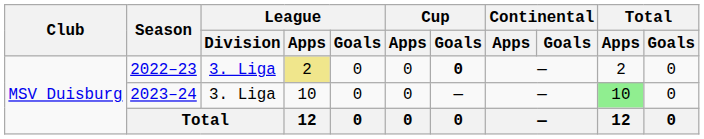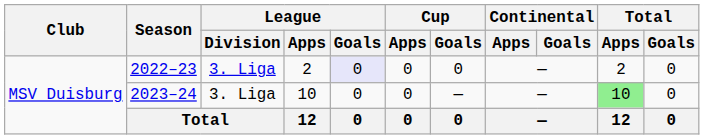 <table class="wikitable" style="text-align:center">
 <tr>
 <th rowspan="2">Club</th>
 <th rowspan="2">Season</th>
 <th colspan="3">League</th>
 <th colspan="2">Cup</th>
 <th colspan="2">Continental</th>
 <th colspan="2">Total</th>
 </tr>
 <tr>
 <th>Division</th>
 <th>Apps</th>
 <th>Goals</th>
 <th>Apps</th>
 <th>Goals</th>
 <th>Apps</th>
 <th>Goals</th>
 <th>Apps</th>
 <th>Goals</th>
 </tr>
 <tr>
 <td rowspan="3"><a href='#'>MSV Duisburg</a></td>
 <td><a href='#'>2022–23</a></td>
 <td><a href='#'>3. Liga</a></td>
-<td style="background: khaki;">2</td>
+<td>2</td>
+<td style="background: lavender;">0</td>
 <td>0</td>
 <td>0</td>
-<td><strong>0</strong></td>
 <td colspan="2">—</td>
 <td>2</td>
 <td>0</td>
 </tr>
 <tr>
 <td><a href='#'>2023–24</a></td>
 <td>3. Liga</td>
 <td>10</td>
 <td>0</td>
 <td>0</td>
 <td 0>—</td>
 <td colspan="2">—</td>
 <td style="background: lightgreen;">10</td>
 <td>0</td>
 </tr>
 <tr>
 <th colspan="2">Total</th>
 <th>12</th>
 <th>0</th>
 <th>0</th>
 <th>0</th>
 <th colspan="2">—</th>
 <th>12</th>
 <th>0</th>
 </tr>
 </table>
